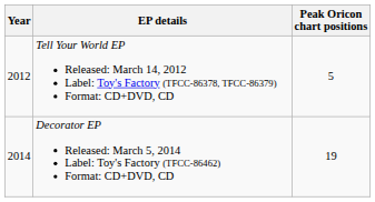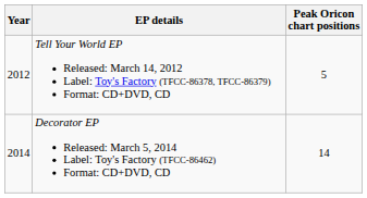 <table class="wikitable" border="1">
 <tr>
 <th rowspan="1">Year</th>
 <th rowspan="1" width="350">EP details</th>
 <th colspan="1">Peak Oricon<br> chart positions</th>
 </tr>
 <tr>
 <td>2012</td>
 <td align="left"><em>Tell Your World EP</em><br><ul><li>Released: March 14, 2012</li><li>Label: <a href='#'>Toy's Factory</a> <small>(TFCC-86378, TFCC-86379)</small></li><li>Format: CD+DVD, CD</li></ul></td>
 <td align="center">5</td>
 </tr>
 <tr>
 <td>2014</td>
 <td align="left"><em>Decorator EP</em><br><ul><li>Released: March 5, 2014</li><li>Label: Toy's Factory <small>(TFCC-86462)</small></li><li>Format: CD+DVD, CD</li></ul></td>
-<td align="center">19</td>
+<td align="center">14</td>
 </tr>
 </table>
